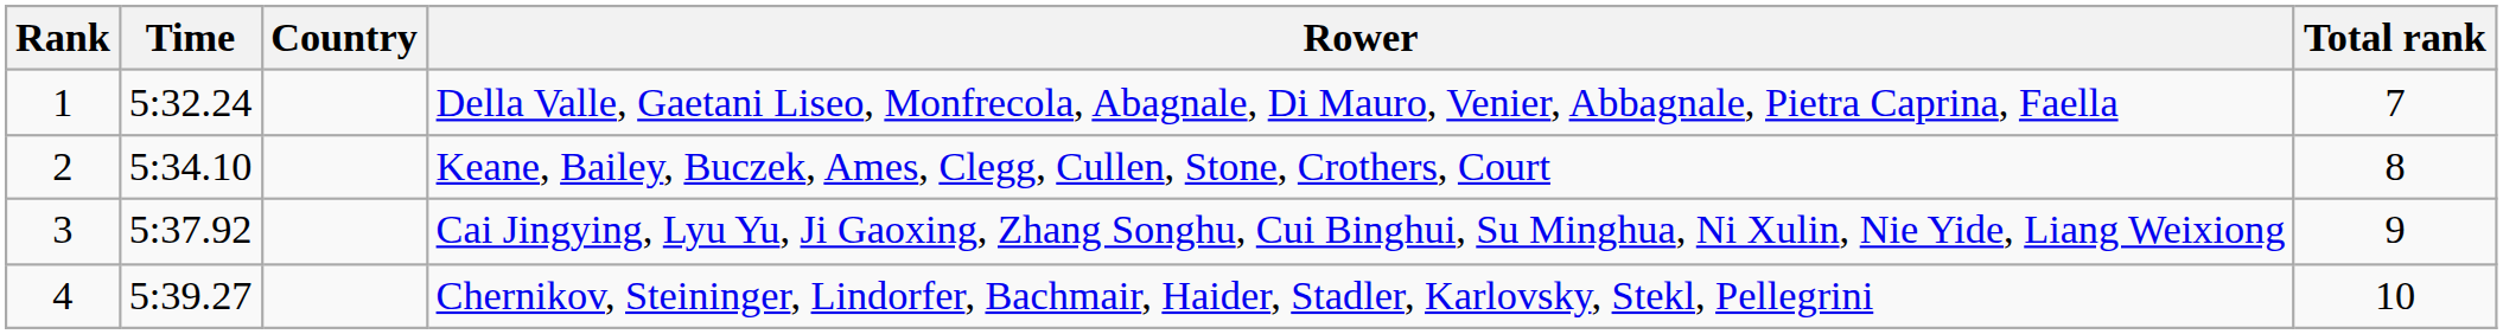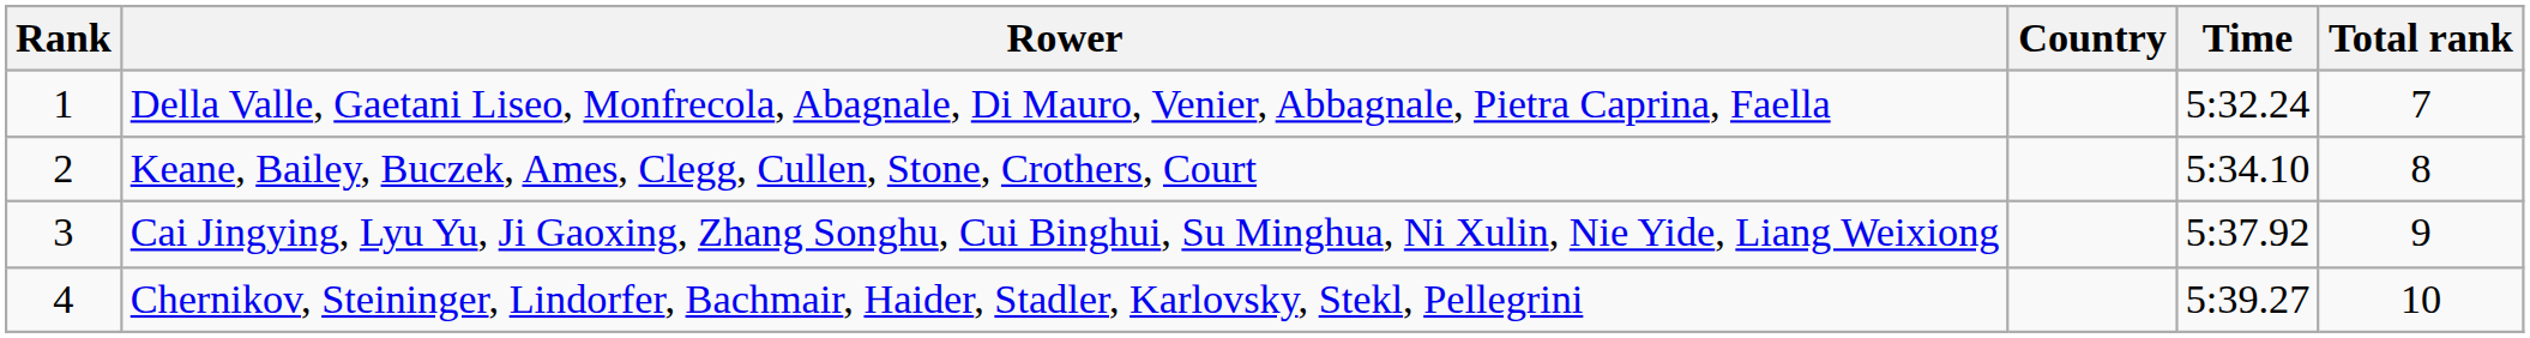 <table class="wikitable" style="text-align:center">
 <tr>
 <th>Rank</th>
+<th>Rower</th>
+<th>Country</th>
 <th>Time</th>
-<th>Country</th>
-<th>Rower</th>
 <th>Total rank</th>
 </tr>
 <tr>
 <td>1</td>
+<td align="left"><a href='#'>Della Valle</a>, <a href='#'>Gaetani Liseo</a>, <a href='#'>Monfrecola</a>, <a href='#'>Abagnale</a>, <a href='#'>Di Mauro</a>, <a href='#'>Venier</a>, <a href='#'>Abbagnale</a>, <a href='#'>Pietra Caprina</a>, <a href='#'>Faella</a></td>
+<td align="left"></td>
 <td>5:32.24</td>
-<td align="left"></td>
-<td align="left"><a href='#'>Della Valle</a>, <a href='#'>Gaetani Liseo</a>, <a href='#'>Monfrecola</a>, <a href='#'>Abagnale</a>, <a href='#'>Di Mauro</a>, <a href='#'>Venier</a>, <a href='#'>Abbagnale</a>, <a href='#'>Pietra Caprina</a>, <a href='#'>Faella</a></td>
 <td>7</td>
 </tr>
 <tr>
 <td>2</td>
+<td align="left"><a href='#'>Keane</a>, <a href='#'>Bailey</a>, <a href='#'>Buczek</a>, <a href='#'>Ames</a>, <a href='#'>Clegg</a>, <a href='#'>Cullen</a>, <a href='#'>Stone</a>, <a href='#'>Crothers</a>, <a href='#'>Court</a></td>
+<td align="left"></td>
 <td>5:34.10</td>
-<td align="left"></td>
-<td align="left"><a href='#'>Keane</a>, <a href='#'>Bailey</a>, <a href='#'>Buczek</a>, <a href='#'>Ames</a>, <a href='#'>Clegg</a>, <a href='#'>Cullen</a>, <a href='#'>Stone</a>, <a href='#'>Crothers</a>, <a href='#'>Court</a></td>
 <td>8</td>
 </tr>
 <tr>
 <td>3</td>
+<td align="left"><a href='#'>Cai Jingying</a>, <a href='#'>Lyu Yu</a>, <a href='#'>Ji Gaoxing</a>, <a href='#'>Zhang Songhu</a>, <a href='#'>Cui Binghui</a>, <a href='#'>Su Minghua</a>, <a href='#'>Ni Xulin</a>, <a href='#'>Nie Yide</a>, <a href='#'>Liang Weixiong</a></td>
+<td align="left"></td>
 <td>5:37.92</td>
-<td align="left"></td>
-<td align="left"><a href='#'>Cai Jingying</a>, <a href='#'>Lyu Yu</a>, <a href='#'>Ji Gaoxing</a>, <a href='#'>Zhang Songhu</a>, <a href='#'>Cui Binghui</a>, <a href='#'>Su Minghua</a>, <a href='#'>Ni Xulin</a>, <a href='#'>Nie Yide</a>, <a href='#'>Liang Weixiong</a></td>
 <td>9</td>
 </tr>
 <tr>
 <td>4</td>
+<td align="left"><a href='#'>Chernikov</a>, <a href='#'>Steininger</a>, <a href='#'>Lindorfer</a>,  <a href='#'>Bachmair</a>, <a href='#'>Haider</a>, <a href='#'>Stadler</a>, <a href='#'>Karlovsky</a>, <a href='#'>Stekl</a>, <a href='#'>Pellegrini</a></td>
+<td align="left"></td>
 <td>5:39.27</td>
-<td align="left"></td>
-<td align="left"><a href='#'>Chernikov</a>, <a href='#'>Steininger</a>, <a href='#'>Lindorfer</a>,  <a href='#'>Bachmair</a>, <a href='#'>Haider</a>, <a href='#'>Stadler</a>, <a href='#'>Karlovsky</a>, <a href='#'>Stekl</a>, <a href='#'>Pellegrini</a></td>
 <td>10</td>
 </tr>
 </table>
